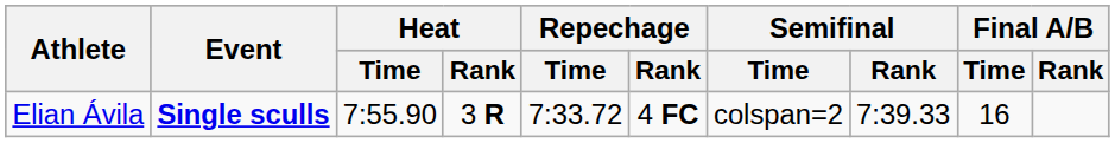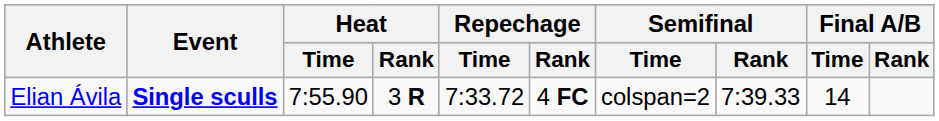 <table class=wikitable style=font-size:90%;text-align:center>
 <tr>
 <th rowspan=2>Athlete</th>
 <th rowspan=2>Event</th>
 <th colspan=2>Heat</th>
 <th colspan=2>Repechage</th>
 <th colspan=2>Semifinal</th>
 <th colspan=2>Final A/B</th>
 </tr>
 <tr style=font-size:95%>
 <th>Time</th>
 <th>Rank</th>
 <th>Time</th>
 <th>Rank</th>
 <th>Time</th>
 <th>Rank</th>
 <th>Time</th>
 <th>Rank</th>
 </tr>
 <tr>
 <td align=left><a href='#'>Elian Ávila</a></td>
 <td align=left><strong><a href='#'>Single sculls</a></strong></td>
 <td>7:55.90</td>
 <td>3 <strong>R</strong></td>
 <td>7:33.72</td>
 <td>4 <strong>FC</strong></td>
 <td>colspan=2 </td>
 <td>7:39.33</td>
-<td>16</td>
+<td>14</td>
 </tr>
 </table>
